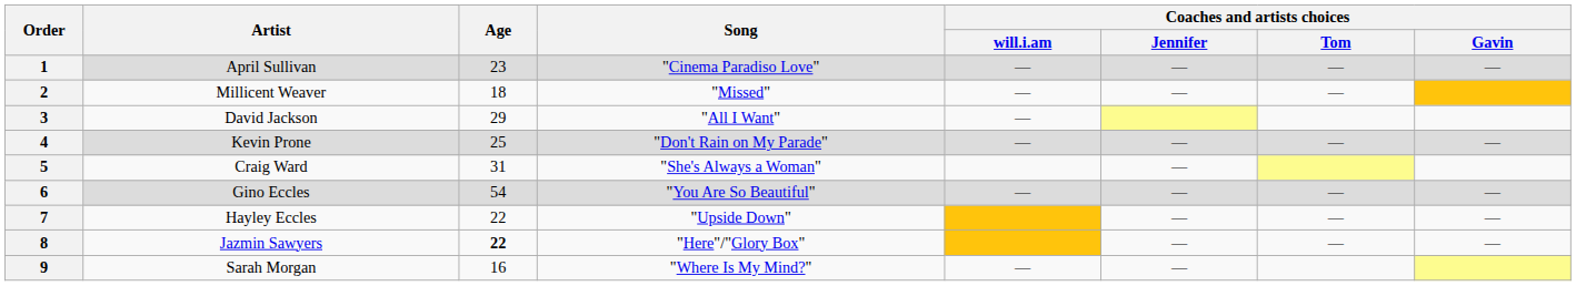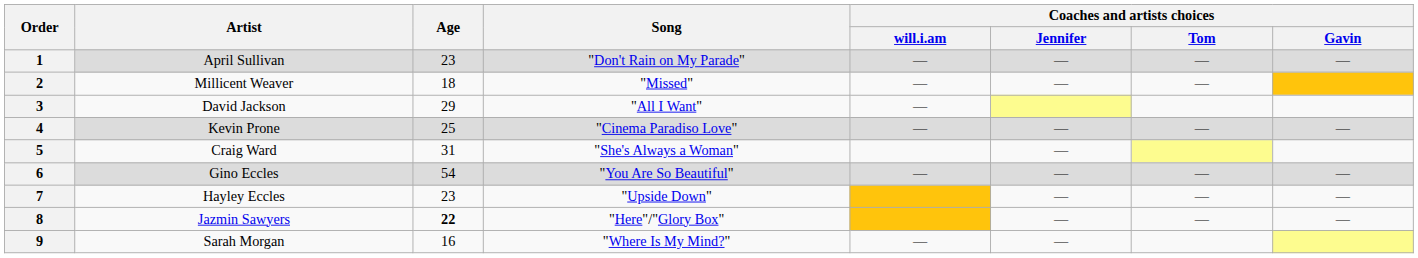 <table class="wikitable" style="text-align:center; width:100%;">
 <tr>
 <th scope="col" rowspan="2" style="width:05%;">Order</th>
 <th scope="col" rowspan="2" style="width:24%;">Artist</th>
 <th scope="col" rowspan="2" style="width:05%;">Age</th>
 <th scope="col" rowspan="2" style="width:26%;">Song</th>
 <th colspan="4" style="width:40%;">Coaches and artists choices</th>
 </tr>
 <tr>
 <th style="width:10%;"><a href='#'>will.i.am</a></th>
 <th style="width:10%;"><a href='#'>Jennifer</a></th>
 <th style="width:10%;"><a href='#'>Tom</a></th>
 <th style="width:10%;"><a href='#'>Gavin</a></th>
 </tr>
 <tr style="background:#DCDCDC">
 <th>1</th>
 <td style="background:#DCDCDC; text-align:center;">April Sullivan</td>
 <td style="background:#DCDCDC; text-align:center;">23</td>
-<td style="background:#DCDCDC; text-align:center;">"<a href='#'>Cinema Paradiso Love</a>"</td>
+<td style="background:#DCDCDC; text-align:center;">"<a href='#'>Don't Rain on My Parade</a>"</td>
 <td>—</td>
 <td>—</td>
 <td>—</td>
 <td>—</td>
 </tr>
 <tr>
 <th>2</th>
 <td>Millicent Weaver</td>
 <td>18</td>
 <td>"<a href='#'>Missed</a>"</td>
 <td>—</td>
 <td>—</td>
 <td>—</td>
 <td style="background:#FFC40C;text-align:center;"><strong></strong></td>
 </tr>
 <tr>
 <th>3</th>
 <td>David Jackson</td>
 <td>29</td>
 <td>"<a href='#'>All I Want</a>"</td>
 <td>—</td>
 <td style="background:#fdfc8f;"><strong></strong></td>
 <td><strong></strong></td>
 <td><strong></strong></td>
 </tr>
 <tr style="background:#DCDCDC">
 <th>4</th>
 <td style="background:#DCDCDC; text-align:center;">Kevin Prone</td>
 <td style="background:#DCDCDC; text-align:center;">25</td>
-<td style="background:#DCDCDC; text-align:center;">"<a href='#'>Don't Rain on My Parade</a>"</td>
+<td style="background:#DCDCDC; text-align:center;">"<a href='#'>Cinema Paradiso Love</a>"</td>
 <td>—</td>
 <td>—</td>
 <td>—</td>
 <td>—</td>
 </tr>
 <tr>
 <th>5</th>
 <td>Craig Ward</td>
 <td>31</td>
 <td>"<a href='#'>She's Always a Woman</a>"</td>
 <td><strong></strong></td>
 <td>—</td>
 <td style="background:#fdfc8f;"><strong></strong></td>
 <td><strong></strong></td>
 </tr>
 <tr style="background:#DCDCDC">
 <th>6</th>
 <td style="background:#DCDCDC; text-align:center;">Gino Eccles</td>
 <td style="background:#DCDCDC; text-align:center;">54</td>
 <td style="background:#DCDCDC; text-align:center;">"<a href='#'>You Are So Beautiful</a>"</td>
 <td>—</td>
 <td>—</td>
 <td>—</td>
 <td>—</td>
 </tr>
 <tr>
 <th>7</th>
 <td>Hayley Eccles</td>
-<td>22</td>
+<td>23</td>
 <td>"<a href='#'>Upside Down</a>"</td>
 <td style="background:#FFC40C;text-align:center;"><strong></strong></td>
 <td>—</td>
 <td>—</td>
 <td>—</td>
 </tr>
 <tr>
 <th>8</th>
 <td><a href='#'>Jazmin Sawyers</a></td>
 <td><strong>22</strong></td>
 <td>"<a href='#'>Here</a>"/"<a href='#'>Glory Box</a>"</td>
 <td style="background:#FFC40C;text-align:center;"><strong></strong></td>
 <td>—</td>
 <td>—</td>
 <td>—</td>
 </tr>
 <tr>
 <th>9</th>
 <td>Sarah Morgan</td>
 <td>16</td>
 <td>"<a href='#'>Where Is My Mind?</a>"</td>
 <td>—</td>
 <td>—</td>
 <td><strong></strong></td>
 <td style="background:#fdfc8f;"><strong></strong></td>
 </tr>
 </table>
